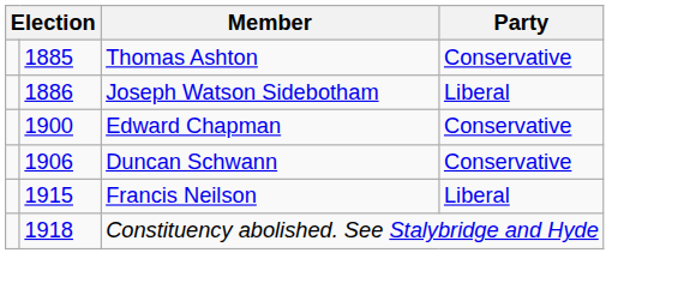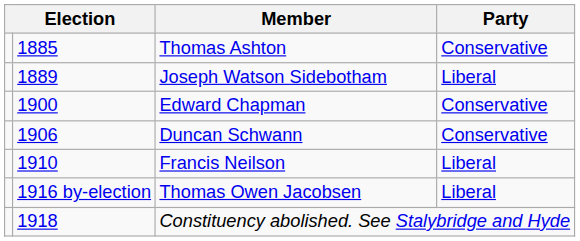 <table class="wikitable">
 <tr>
 <th colspan=2>Election</th>
 <th>Member</th>
 <th>Party</th>
 </tr>
 <tr>
 <td style="color:inherit;background-color: "></td>
 <td><a href='#'>1885</a></td>
 <td><a href='#'>Thomas Ashton</a></td>
 <td><a href='#'>Conservative</a></td>
 </tr>
 <tr>
 <td style="color:inherit;background-color: "></td>
-<td><a href='#'>1886</a></td>
+<td><a href='#'>1889</a></td>
 <td><a href='#'>Joseph Watson Sidebotham</a></td>
 <td><a href='#'>Liberal</a></td>
 </tr>
 <tr>
 <td style="color:inherit;background-color: "></td>
 <td><a href='#'>1900</a></td>
 <td><a href='#'>Edward Chapman</a></td>
 <td><a href='#'>Conservative</a></td>
 </tr>
 <tr>
 <td style="color:inherit;background-color: "></td>
 <td><a href='#'>1906</a></td>
 <td><a href='#'>Duncan Schwann</a></td>
 <td><a href='#'>Conservative</a></td>
 </tr>
 <tr>
 <td style="color:inherit;background-color: "></td>
-<td><a href='#'>1915</a></td>
+<td><a href='#'>1910</a></td>
 <td><a href='#'>Francis Neilson</a></td>
+<td><a href='#'>Liberal</a></td>
+</tr>
+<tr>
+<td style="color:inherit;background-color: "></td>
+<td><a href='#'>1916 by-election</a></td>
+<td><a href='#'>Thomas Owen Jacobsen</a></td>
 <td><a href='#'>Liberal</a></td>
 </tr>
 <tr>
 <td></td>
 <td><a href='#'>1918</a></td>
 <td colspan="2"><em>Constituency abolished. See <a href='#'>Stalybridge and Hyde</a></em></td>
 </tr>
 </table>
